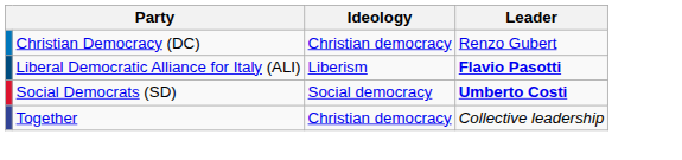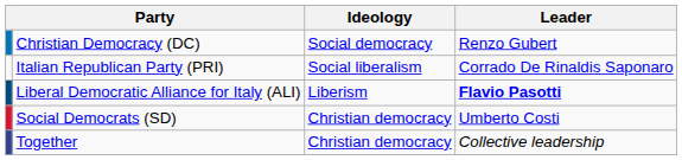 <table class=wikitable  style=text-align:left>
 <tr>
 <th colspan=2>Party</th>
 <th>Ideology</th>
 <th>Leader</th>
 </tr>
 <tr>
 <td bgcolor="#0077BB"></td>
 <td><a href='#'>Christian Democracy</a> (DC)</td>
-<td><a href='#'>Christian democracy</a></td>
+<td><a href='#'>Social democracy</a></td>
 <td><a href='#'>Renzo Gubert</a></td>
+</tr>
+<tr>
+<td></td>
+<td><a href='#'>Italian Republican Party</a> (PRI)</td>
+<td><a href='#'>Social liberalism</a></td>
+<td><a href='#'>Corrado De Rinaldis Saponaro</a></td>
 </tr>
 <tr>
 <td bgcolor="#004C7E"></td>
 <td><a href='#'>Liberal Democratic Alliance for Italy</a> (ALI)</td>
 <td><a href='#'>Liberism</a></td>
 <td><strong><a href='#'>Flavio Pasotti</a></strong></td>
 </tr>
 <tr>
 <td bgcolor="#dc142f"></td>
 <td><a href='#'>Social Democrats</a> (SD)</td>
-<td><a href='#'>Social democracy</a></td>
-<td><strong><a href='#'>Umberto Costi</a></strong></td>
+<td><a href='#'>Christian democracy</a></td>
+<td><a href='#'>Umberto Costi</a></td>
 </tr>
 <tr>
 <td bgcolor="#324395"></td>
 <td><a href='#'>Together</a></td>
 <td><a href='#'>Christian democracy</a></td>
 <td><em>Collective leadership</em></td>
 </tr>
 </table>
